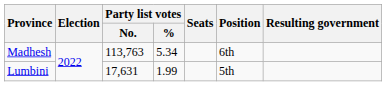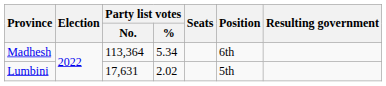 <table class="wikitable">
 <tr>
 <th rowspan="2" style="background:">Province</th>
 <th rowspan="2" style="background:">Election</th>
 <th colspan="2" style="background:">Party list votes</th>
 <th rowspan="2" style="background:">Seats</th>
 <th rowspan="2" style="background:">Position</th>
 <th rowspan="2" style="background:">Resulting government</th>
 </tr>
 <tr>
 <th style="background:">No.</th>
 <th style="background:">%</th>
 </tr>
 <tr>
 <td><a href='#'>Madhesh</a></td>
 <td rowspan="2"><a href='#'>2022</a></td>
-<td>113,763</td>
+<td>113,364</td>
 <td>5.34</td>
 <td></td>
 <td>6th</td>
 <td></td>
 </tr>
 <tr>
 <td><a href='#'>Lumbini</a></td>
 <td>17,631</td>
-<td>1.99</td>
+<td>2.02</td>
 <td></td>
 <td>5th</td>
 <td></td>
 </tr>
 </table>
